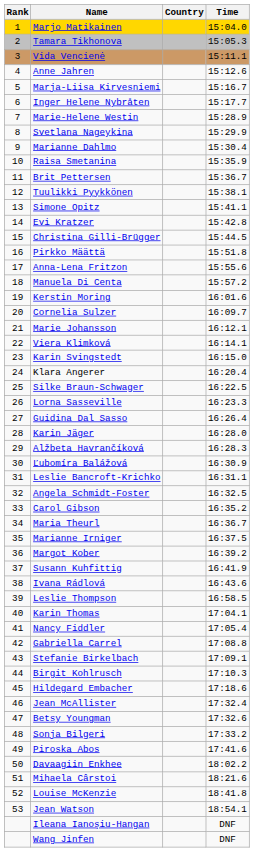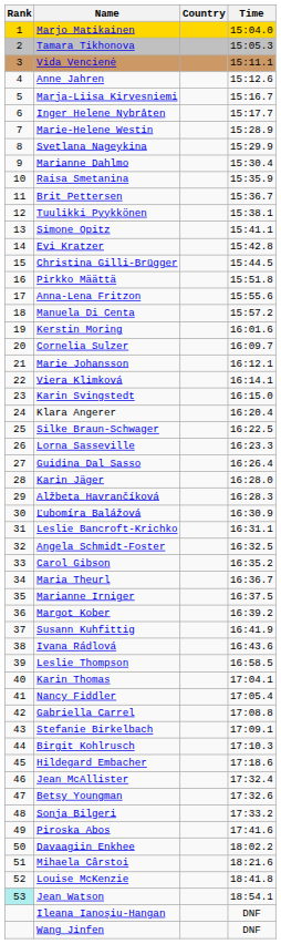 <table class="wikitable sortable" style="text-align:center">
 <tr>
 <th>Rank</th>
 <th>Name</th>
 <th>Country</th>
 <th>Time</th>
 </tr>
 <tr bgcolor=gold>
 <td>1</td>
 <td align="left"><a href='#'>Marjo Matikainen</a></td>
 <td align="left"></td>
 <td>15:04.0</td>
 </tr>
 <tr bgcolor=silver>
 <td>2</td>
 <td align="left"><a href='#'>Tamara Tikhonova</a></td>
 <td align="left"></td>
 <td>15:05.3</td>
 </tr>
 <tr bgcolor=#CC9966>
 <td>3</td>
 <td align="left"><a href='#'>Vida Vencienė</a></td>
 <td align="left"></td>
 <td>15:11.1</td>
 </tr>
 <tr>
 <td>4</td>
 <td align="left"><a href='#'>Anne Jahren</a></td>
 <td align="left"></td>
 <td>15:12.6</td>
 </tr>
 <tr>
 <td>5</td>
 <td align="left"><a href='#'>Marja-Liisa Kirvesniemi</a></td>
 <td align="left"></td>
 <td>15:16.7</td>
 </tr>
 <tr>
 <td>6</td>
 <td align="left"><a href='#'>Inger Helene Nybråten</a></td>
 <td align="left"></td>
 <td>15:17.7</td>
 </tr>
 <tr>
 <td>7</td>
 <td align="left"><a href='#'>Marie-Helene Westin</a></td>
 <td align="left"></td>
 <td>15:28.9</td>
 </tr>
 <tr>
 <td>8</td>
 <td align="left"><a href='#'>Svetlana Nageykina</a></td>
 <td align="left"></td>
 <td>15:29.9</td>
 </tr>
 <tr>
 <td>9</td>
 <td align="left"><a href='#'>Marianne Dahlmo</a></td>
 <td align="left"></td>
 <td>15:30.4</td>
 </tr>
 <tr>
 <td>10</td>
 <td align="left"><a href='#'>Raisa Smetanina</a></td>
 <td align="left"></td>
 <td>15:35.9</td>
 </tr>
 <tr>
 <td>11</td>
 <td align="left"><a href='#'>Brit Pettersen</a></td>
 <td align="left"></td>
 <td>15:36.7</td>
 </tr>
 <tr>
 <td>12</td>
 <td align="left"><a href='#'>Tuulikki Pyykkönen</a></td>
 <td align="left"></td>
 <td>15:38.1</td>
 </tr>
 <tr>
 <td>13</td>
 <td align="left"><a href='#'>Simone Opitz</a></td>
 <td align="left"></td>
 <td>15:41.1</td>
 </tr>
 <tr>
 <td>14</td>
 <td align="left"><a href='#'>Evi Kratzer</a></td>
 <td align="left"></td>
 <td>15:42.8</td>
 </tr>
 <tr>
 <td>15</td>
 <td align="left"><a href='#'>Christina Gilli-Brügger</a></td>
 <td align="left"></td>
 <td>15:44.5</td>
 </tr>
 <tr>
 <td>16</td>
 <td align="left"><a href='#'>Pirkko Määttä</a></td>
 <td align="left"></td>
 <td>15:51.8</td>
 </tr>
 <tr>
 <td>17</td>
 <td align="left"><a href='#'>Anna-Lena Fritzon</a></td>
 <td align="left"></td>
 <td>15:55.6</td>
 </tr>
 <tr>
 <td>18</td>
 <td align="left"><a href='#'>Manuela Di Centa</a></td>
 <td align="left"></td>
 <td>15:57.2</td>
 </tr>
 <tr>
 <td>19</td>
 <td align="left"><a href='#'>Kerstin Moring</a></td>
 <td align="left"></td>
 <td>16:01.6</td>
 </tr>
 <tr>
 <td>20</td>
 <td align="left"><a href='#'>Cornelia Sulzer</a></td>
 <td align="left"></td>
 <td>16:09.7</td>
 </tr>
 <tr>
 <td>21</td>
 <td align="left"><a href='#'>Marie Johansson</a></td>
 <td align="left"></td>
 <td>16:12.1</td>
 </tr>
 <tr>
 <td>22</td>
 <td align="left"><a href='#'>Viera Klimková</a></td>
 <td align="left"></td>
 <td>16:14.1</td>
 </tr>
 <tr>
 <td>23</td>
 <td align="left"><a href='#'>Karin Svingstedt</a></td>
 <td align="left"></td>
 <td>16:15.0</td>
 </tr>
 <tr>
 <td>24</td>
 <td align="left">Klara Angerer</td>
 <td align="left"></td>
 <td>16:20.4</td>
 </tr>
 <tr>
 <td>25</td>
 <td align="left"><a href='#'>Silke Braun-Schwager</a></td>
 <td align="left"></td>
 <td>16:22.5</td>
 </tr>
 <tr>
 <td>26</td>
 <td align="left"><a href='#'>Lorna Sasseville</a></td>
 <td align="left"></td>
 <td>16:23.3</td>
 </tr>
 <tr>
 <td>27</td>
 <td align="left"><a href='#'>Guidina Dal Sasso</a></td>
 <td align="left"></td>
 <td>16:26.4</td>
 </tr>
 <tr>
 <td>28</td>
 <td align="left"><a href='#'>Karin Jäger</a></td>
 <td align="left"></td>
 <td>16:28.0</td>
 </tr>
 <tr>
 <td>29</td>
 <td align="left"><a href='#'>Alžbeta Havrančíková</a></td>
 <td align="left"></td>
 <td>16:28.3</td>
 </tr>
 <tr>
 <td>30</td>
 <td align="left"><a href='#'>Ľubomíra Balážová</a></td>
 <td align="left"></td>
 <td>16:30.9</td>
 </tr>
 <tr>
 <td>31</td>
 <td align="left"><a href='#'>Leslie Bancroft-Krichko</a></td>
 <td align="left"></td>
 <td>16:31.1</td>
 </tr>
 <tr>
 <td>32</td>
 <td align="left"><a href='#'>Angela Schmidt-Foster</a></td>
 <td align="left"></td>
 <td>16:32.5</td>
 </tr>
 <tr>
 <td>33</td>
 <td align="left"><a href='#'>Carol Gibson</a></td>
 <td align="left"></td>
 <td>16:35.2</td>
 </tr>
 <tr>
 <td>34</td>
 <td align="left"><a href='#'>Maria Theurl</a></td>
 <td align="left"></td>
 <td>16:36.7</td>
 </tr>
 <tr>
 <td>35</td>
 <td align="left"><a href='#'>Marianne Irniger</a></td>
 <td align="left"></td>
 <td>16:37.5</td>
 </tr>
 <tr>
 <td>36</td>
 <td align="left"><a href='#'>Margot Kober</a></td>
 <td align="left"></td>
 <td>16:39.2</td>
 </tr>
 <tr>
 <td>37</td>
 <td align="left"><a href='#'>Susann Kuhfittig</a></td>
 <td align="left"></td>
 <td>16:41.9</td>
 </tr>
 <tr>
 <td>38</td>
 <td align="left"><a href='#'>Ivana Rádlová</a></td>
 <td align="left"></td>
 <td>16:43.6</td>
 </tr>
 <tr>
 <td>39</td>
 <td align="left"><a href='#'>Leslie Thompson</a></td>
 <td align="left"></td>
 <td>16:58.5</td>
 </tr>
 <tr>
 <td>40</td>
 <td align="left"><a href='#'>Karin Thomas</a></td>
 <td align="left"></td>
 <td>17:04.1</td>
 </tr>
 <tr>
 <td>41</td>
 <td align="left"><a href='#'>Nancy Fiddler</a></td>
 <td align="left"></td>
 <td>17:05.4</td>
 </tr>
 <tr>
 <td>42</td>
 <td align="left"><a href='#'>Gabriella Carrel</a></td>
 <td align="left"></td>
 <td>17:08.8</td>
 </tr>
 <tr>
 <td>43</td>
 <td align="left"><a href='#'>Stefanie Birkelbach</a></td>
 <td align="left"></td>
 <td>17:09.1</td>
 </tr>
 <tr>
 <td>44</td>
 <td align="left"><a href='#'>Birgit Kohlrusch</a></td>
 <td align="left"></td>
 <td>17:10.3</td>
 </tr>
 <tr>
 <td>45</td>
 <td align="left"><a href='#'>Hildegard Embacher</a></td>
 <td align="left"></td>
 <td>17:18.6</td>
 </tr>
 <tr>
 <td>46</td>
 <td align="left"><a href='#'>Jean McAllister</a></td>
 <td align="left"></td>
 <td>17:32.4</td>
 </tr>
 <tr>
 <td>47</td>
 <td align="left"><a href='#'>Betsy Youngman</a></td>
 <td align="left"></td>
 <td>17:32.6</td>
 </tr>
 <tr>
 <td>48</td>
 <td align="left"><a href='#'>Sonja Bilgeri</a></td>
 <td align="left"></td>
 <td>17:33.2</td>
 </tr>
 <tr>
 <td>49</td>
 <td align="left"><a href='#'>Piroska Abos</a></td>
 <td align="left"></td>
 <td>17:41.6</td>
 </tr>
 <tr>
 <td>50</td>
 <td align="left"><a href='#'>Davaagiin Enkhee</a></td>
 <td align="left"></td>
 <td>18:02.2</td>
 </tr>
 <tr>
 <td>51</td>
 <td align="left"><a href='#'>Mihaela Cârstoi</a></td>
 <td align="left"></td>
 <td>18:21.6</td>
 </tr>
 <tr>
 <td>52</td>
 <td align="left"><a href='#'>Louise McKenzie</a></td>
 <td align="left"></td>
 <td>18:41.8</td>
 </tr>
 <tr>
-<td>53</td>
+<td style="background: paleturquoise;">53</td>
 <td align="left"><a href='#'>Jean Watson</a></td>
 <td align="left"></td>
 <td>18:54.1</td>
 </tr>
 <tr>
 <td></td>
 <td align="left"><a href='#'>Ileana Ianoşiu-Hangan</a></td>
 <td align="left"></td>
 <td>DNF</td>
 </tr>
 <tr>
 <td></td>
 <td align="left"><a href='#'>Wang Jinfen</a></td>
 <td align="left"></td>
 <td>DNF</td>
 </tr>
 </table>
